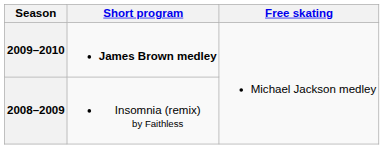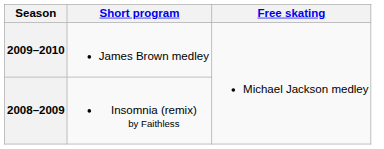 <table class=wikitable style=text-align:center>
 <tr>
 <th>Season</th>
 <th><a href='#'>Short program</a></th>
 <th><a href='#'>Free skating</a></th>
 </tr>
 <tr>
 <th>2009–2010 <br> </th>
-<td><strong><br><ul><li>James Brown medley</li></ul></strong></td>
+<td><br><ul><li>James Brown medley</li></ul></td>
 <td rowspan=2><br><ul><li>Michael Jackson medley</li></ul></td>
 </tr>
 <tr>
 <th>2008–2009 <br> </th>
 <td><br><ul><li>Insomnia (remix) <br><small> by Faithless </small></li></ul></td>
 </tr>
 </table>
